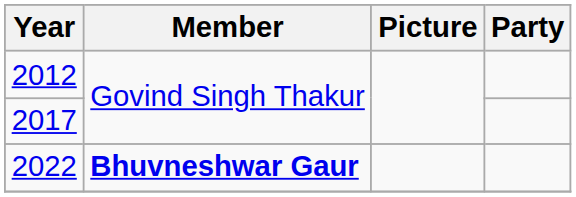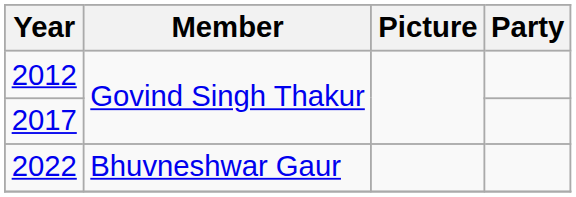 <table class="wikitable sortable">
 <tr>
 <th>Year</th>
 <th>Member</th>
 <th>Picture</th>
 <th colspan="2">Party</th>
 </tr>
 <tr>
 <td><a href='#'>2012</a></td>
 <td rowspan=2><a href='#'>Govind Singh Thakur</a></td>
 <td rowspan=2></td>
 <td></td>
 </tr>
 <tr>
 <td><a href='#'>2017</a></td>
 </tr>
 <tr>
 <td><a href='#'>2022</a></td>
-<td><strong><a href='#'>Bhuvneshwar Gaur</a></strong></td>
+<td><a href='#'>Bhuvneshwar Gaur</a></td>
 <td></td>
 <td></td>
 </tr>
 <tr>
 </tr>
 </table>
